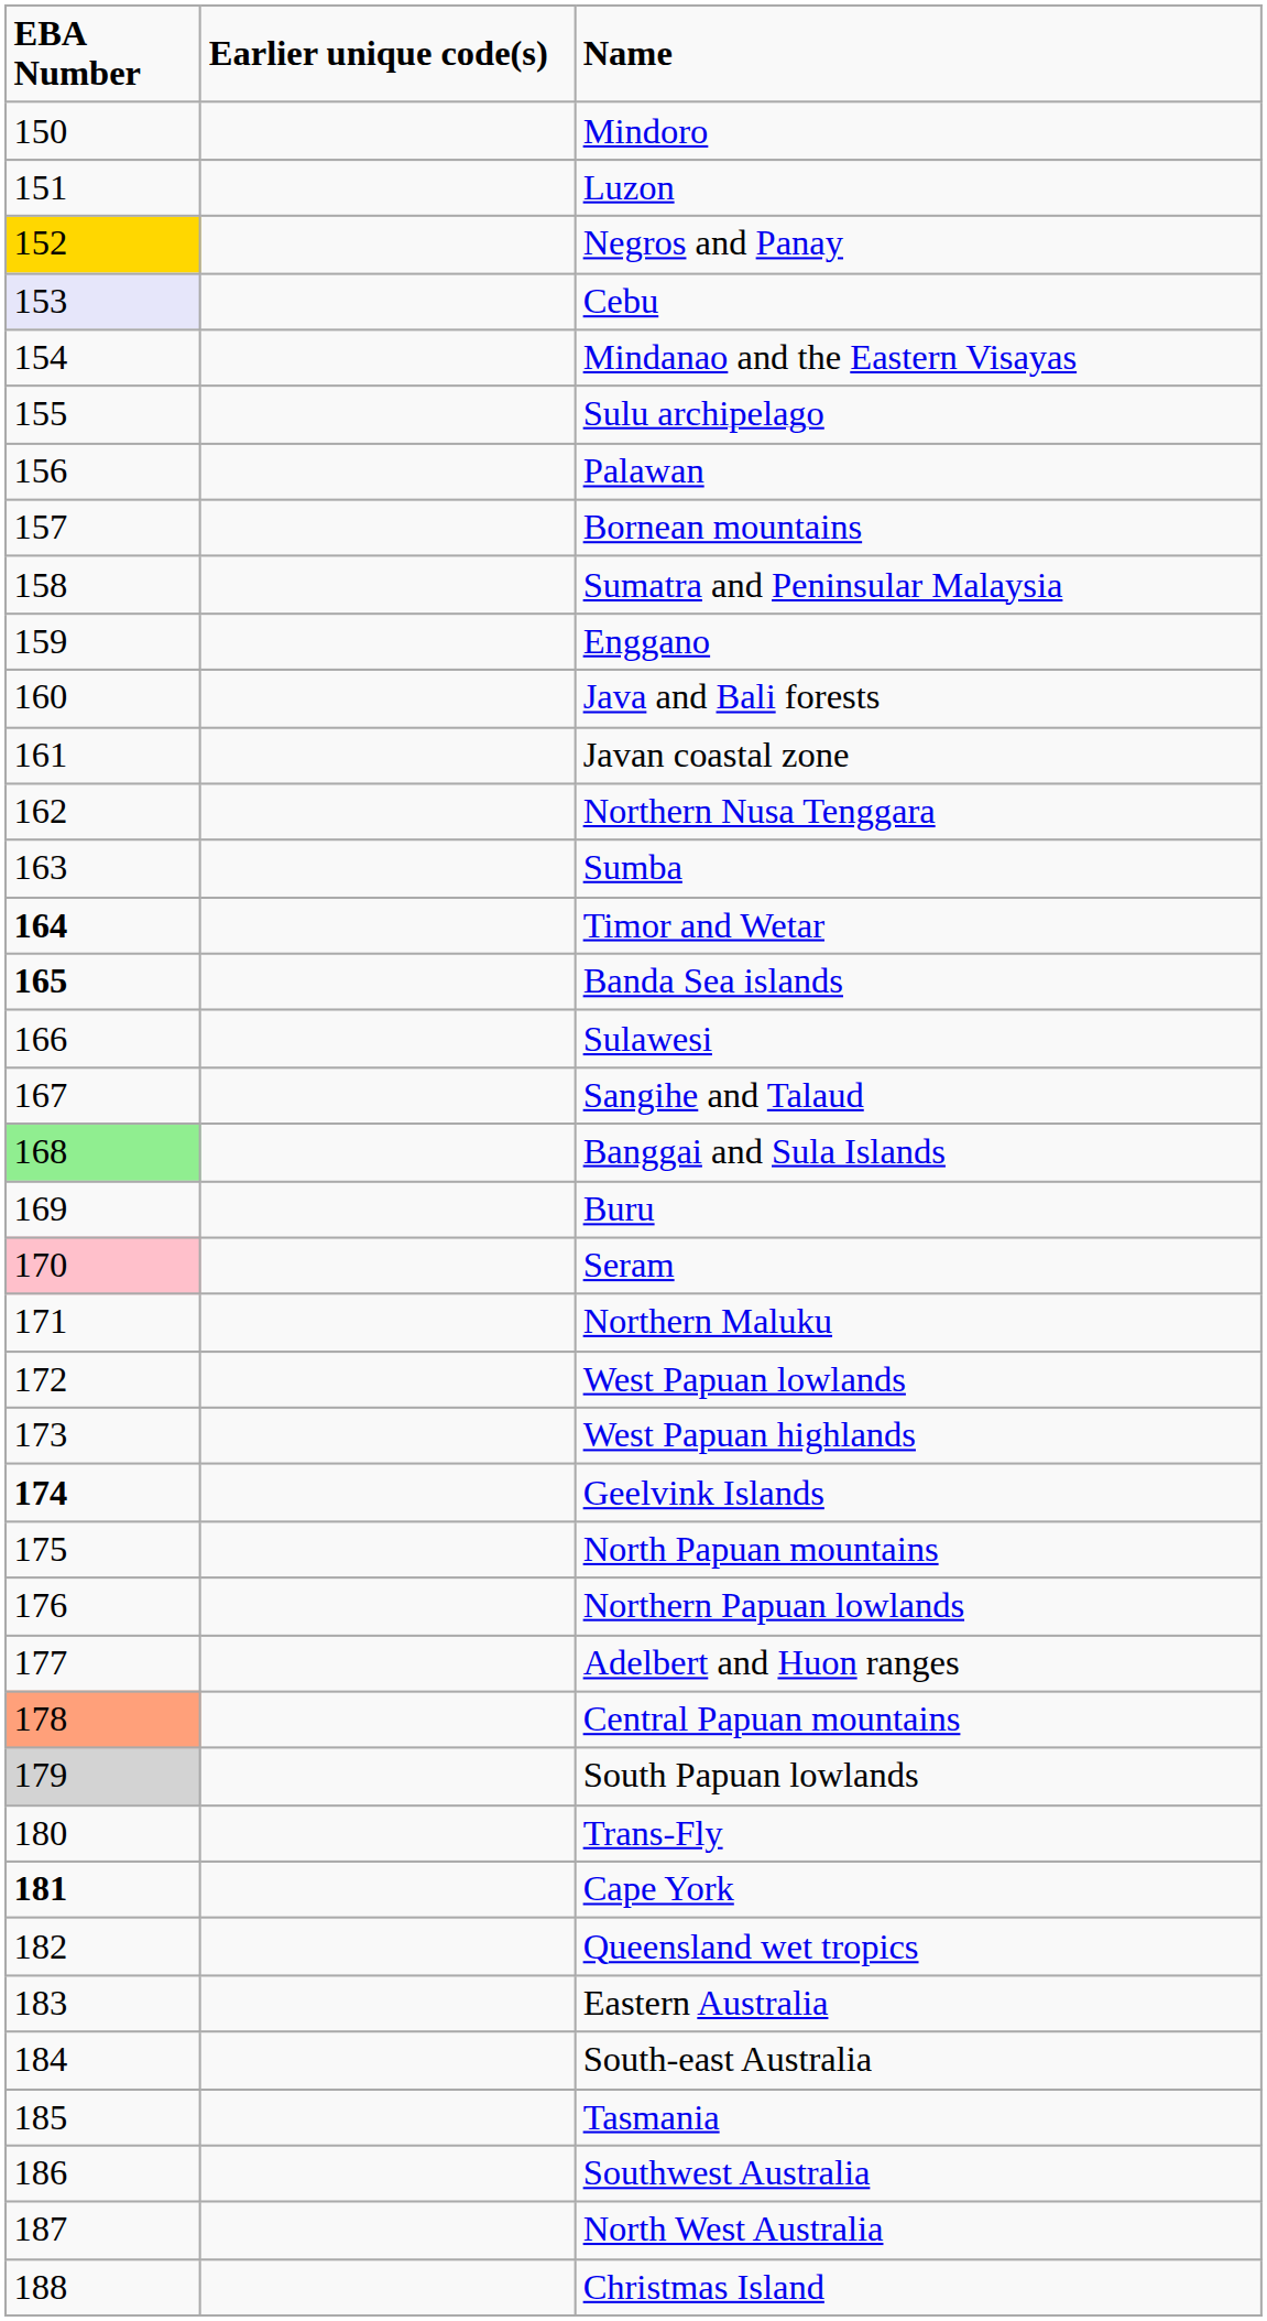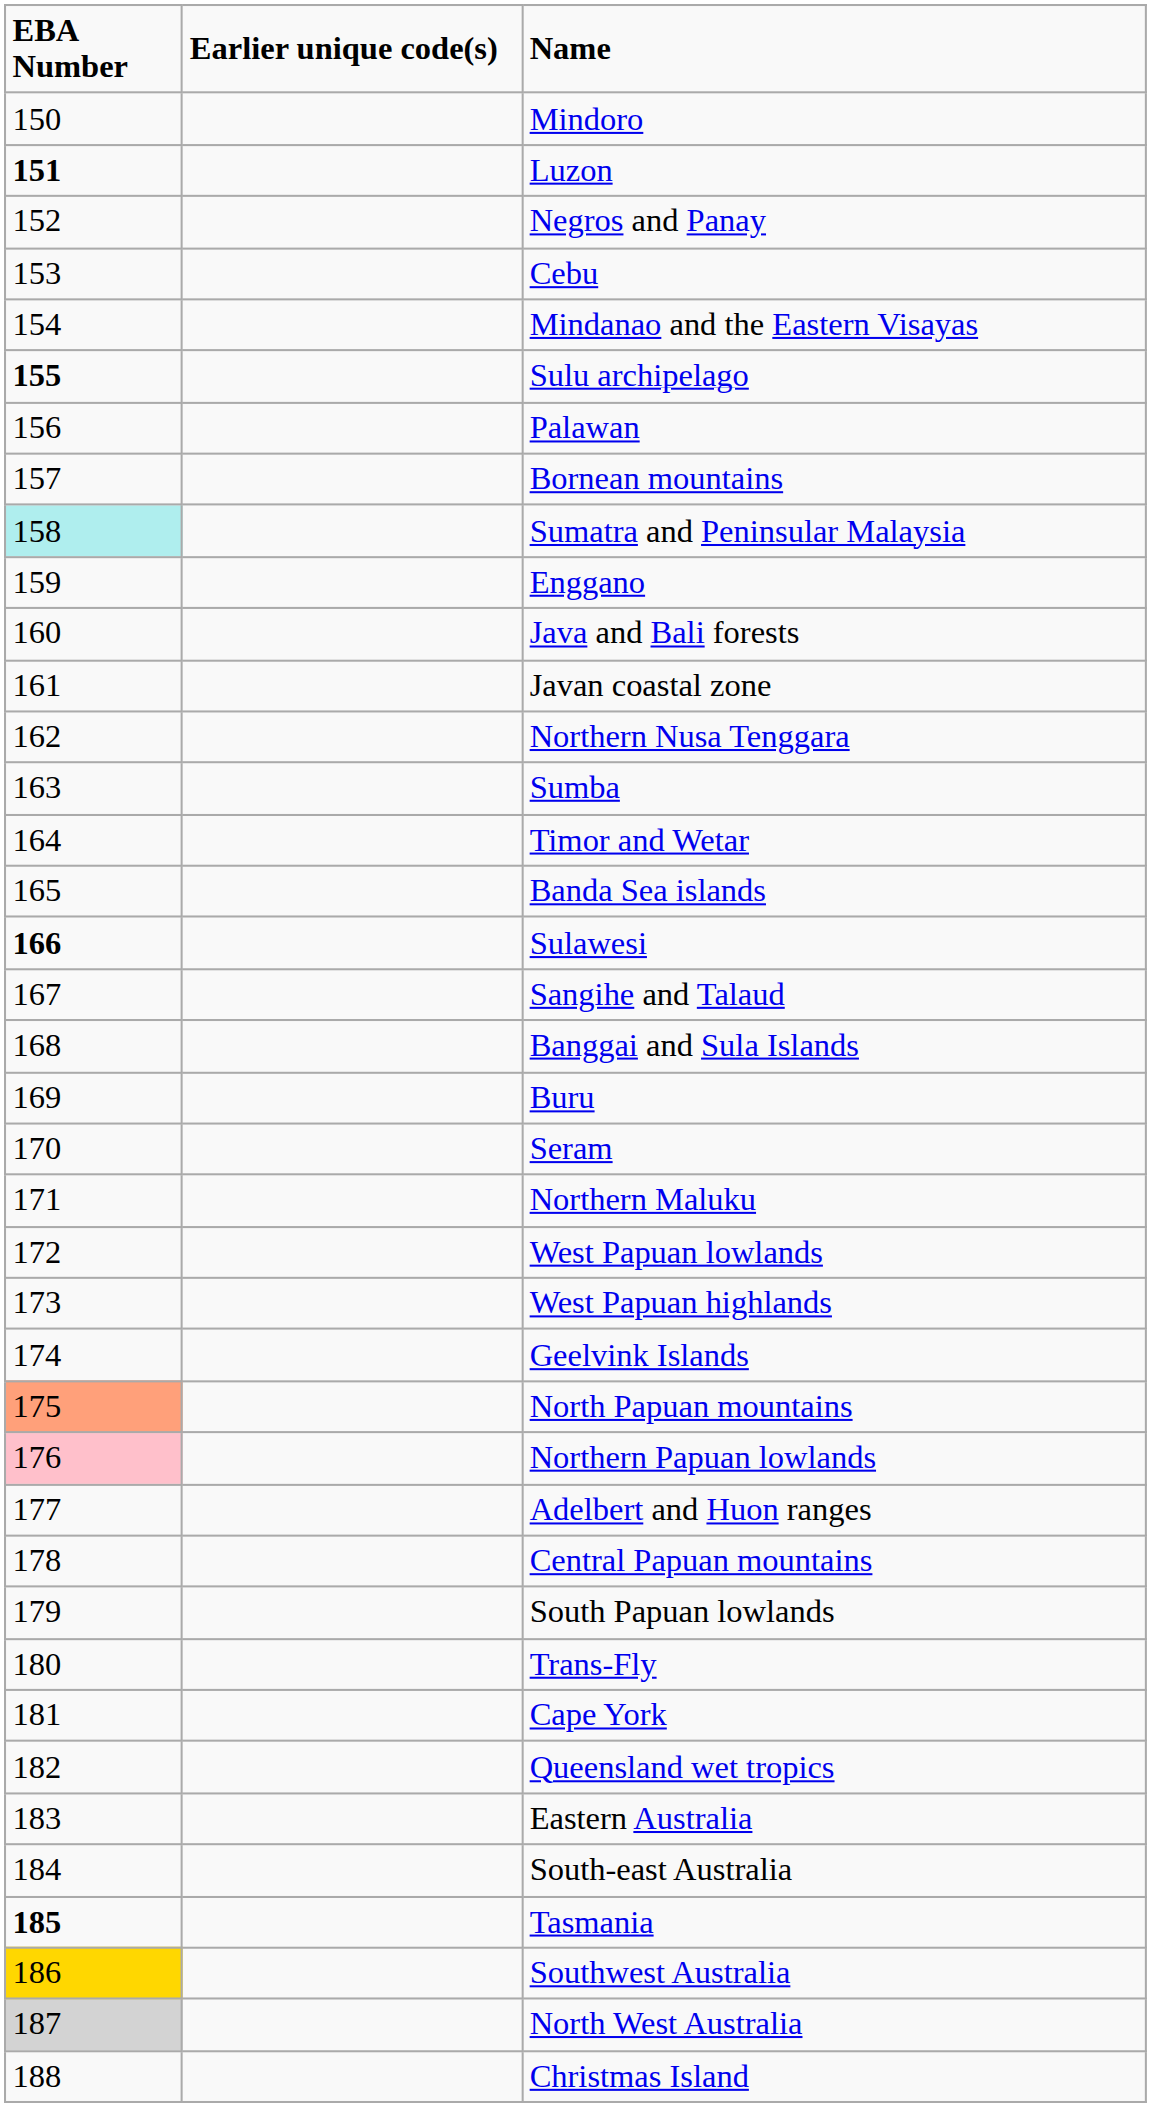 <table class="wikitable">
 <tr>
 <td style="width:80px"><strong>EBA Number</strong></td>
 <td style="width:160px"><strong>Earlier unique code(s)</strong></td>
 <td style="width:300px"><strong>Name</strong></td>
 </tr>
 <tr>
 <td>150</td>
 <td></td>
 <td><a href='#'>Mindoro</a></td>
 </tr>
 <tr>
-<td>151</td>
+<td><strong>151</strong></td>
 <td></td>
 <td><a href='#'>Luzon</a></td>
 </tr>
 <tr>
-<td style="background: gold;">152</td>
+<td>152</td>
 <td></td>
 <td><a href='#'>Negros</a> and <a href='#'>Panay</a></td>
 </tr>
 <tr>
-<td style="background: lavender;">153</td>
+<td>153</td>
 <td></td>
 <td><a href='#'>Cebu</a></td>
 </tr>
 <tr>
 <td>154</td>
 <td></td>
 <td><a href='#'>Mindanao</a> and the <a href='#'>Eastern Visayas</a></td>
 </tr>
 <tr>
-<td>155</td>
+<td><strong>155</strong></td>
 <td></td>
 <td><a href='#'>Sulu archipelago</a></td>
 </tr>
 <tr>
 <td>156</td>
 <td></td>
 <td><a href='#'>Palawan</a></td>
 </tr>
 <tr>
 <td>157</td>
 <td></td>
 <td><a href='#'>Bornean mountains</a></td>
 </tr>
 <tr>
-<td>158</td>
+<td style="background: paleturquoise;">158</td>
 <td></td>
 <td><a href='#'>Sumatra</a> and <a href='#'>Peninsular Malaysia</a></td>
 </tr>
 <tr>
 <td>159</td>
 <td></td>
 <td><a href='#'>Enggano</a></td>
 </tr>
 <tr>
 <td>160</td>
 <td></td>
 <td><a href='#'>Java</a> and <a href='#'>Bali</a> forests</td>
 </tr>
 <tr>
 <td>161</td>
 <td></td>
 <td>Javan coastal zone</td>
 </tr>
 <tr>
 <td>162</td>
 <td></td>
 <td><a href='#'>Northern Nusa Tenggara</a></td>
 </tr>
 <tr>
 <td>163</td>
 <td></td>
 <td><a href='#'>Sumba</a></td>
 </tr>
 <tr>
-<td><strong>164</strong></td>
+<td>164</td>
 <td></td>
 <td><a href='#'>Timor and Wetar</a></td>
 </tr>
 <tr>
-<td><strong>165</strong></td>
+<td>165</td>
 <td></td>
 <td><a href='#'>Banda Sea islands</a></td>
 </tr>
 <tr>
-<td>166</td>
+<td><strong>166</strong></td>
 <td></td>
 <td><a href='#'>Sulawesi</a></td>
 </tr>
 <tr>
 <td>167</td>
 <td></td>
 <td><a href='#'>Sangihe</a> and <a href='#'>Talaud</a></td>
 </tr>
 <tr>
-<td style="background: lightgreen;">168</td>
+<td>168</td>
 <td></td>
 <td><a href='#'>Banggai</a> and <a href='#'>Sula Islands</a></td>
 </tr>
 <tr>
 <td>169</td>
 <td></td>
 <td><a href='#'>Buru</a></td>
 </tr>
 <tr>
-<td style="background: pink;">170</td>
+<td>170</td>
 <td></td>
 <td><a href='#'>Seram</a></td>
 </tr>
 <tr>
 <td>171</td>
 <td></td>
 <td><a href='#'>Northern Maluku</a></td>
 </tr>
 <tr>
 <td>172</td>
 <td></td>
 <td><a href='#'>West Papuan lowlands</a></td>
 </tr>
 <tr>
 <td>173</td>
 <td></td>
 <td><a href='#'>West Papuan highlands</a></td>
 </tr>
 <tr>
-<td><strong>174</strong></td>
+<td>174</td>
 <td></td>
 <td><a href='#'>Geelvink Islands</a></td>
 </tr>
 <tr>
-<td>175</td>
+<td style="background: lightsalmon;">175</td>
 <td></td>
 <td><a href='#'>North Papuan mountains</a></td>
 </tr>
 <tr>
-<td>176</td>
+<td style="background: pink;">176</td>
 <td></td>
 <td><a href='#'>Northern Papuan lowlands</a></td>
 </tr>
 <tr>
 <td>177</td>
 <td></td>
 <td><a href='#'>Adelbert</a> and <a href='#'>Huon</a> ranges</td>
 </tr>
 <tr>
-<td style="background: lightsalmon;">178</td>
+<td>178</td>
 <td></td>
 <td><a href='#'>Central Papuan mountains</a></td>
 </tr>
 <tr>
-<td style="background: lightgrey;">179</td>
+<td>179</td>
 <td></td>
 <td>South Papuan lowlands</td>
 </tr>
 <tr>
 <td>180</td>
 <td></td>
 <td><a href='#'>Trans-Fly</a></td>
 </tr>
 <tr>
-<td><strong>181</strong></td>
+<td>181</td>
 <td></td>
 <td><a href='#'>Cape York</a></td>
 </tr>
 <tr>
 <td>182</td>
 <td></td>
 <td><a href='#'>Queensland wet tropics</a></td>
 </tr>
 <tr>
 <td>183</td>
 <td></td>
 <td>Eastern <a href='#'>Australia</a></td>
 </tr>
 <tr>
 <td>184</td>
 <td></td>
 <td>South-east Australia</td>
 </tr>
 <tr>
-<td>185</td>
+<td><strong>185</strong></td>
 <td></td>
 <td><a href='#'>Tasmania</a></td>
 </tr>
 <tr>
-<td>186</td>
+<td style="background: gold;">186</td>
 <td></td>
 <td><a href='#'>Southwest Australia</a></td>
 </tr>
 <tr>
-<td>187</td>
+<td style="background: lightgrey;">187</td>
 <td></td>
 <td><a href='#'>North West Australia</a></td>
 </tr>
 <tr>
 <td>188</td>
 <td></td>
 <td><a href='#'>Christmas Island</a></td>
 </tr>
 <tr>
 </tr>
 </table>
